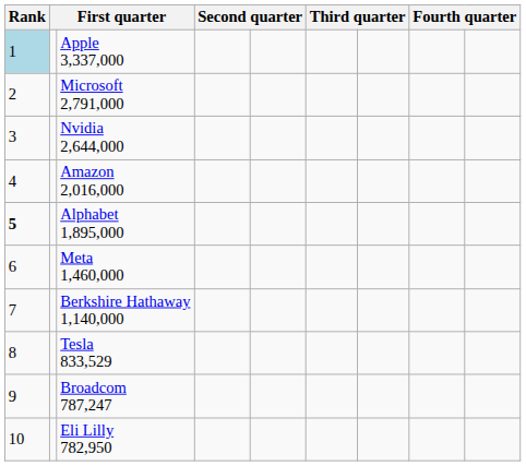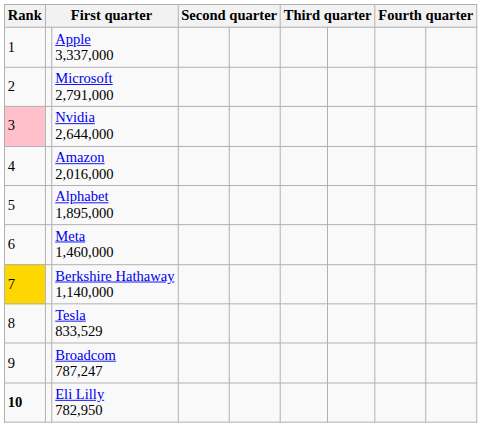 <table class="wikitable">
 <tr>
 <th>Rank</th>
 <th colspan="2">First quarter</th>
 <th colspan="2">Second quarter</th>
 <th colspan="2">Third quarter</th>
 <th colspan="2">Fourth quarter</th>
 </tr>
 <tr>
-<td style="background: lightblue;">1</td>
+<td>1</td>
 <td></td>
 <td><a href='#'>Apple</a><br>3,337,000</td>
 <td></td>
 <td></td>
 <td></td>
 <td></td>
 <td></td>
 <td></td>
 </tr>
 <tr>
 <td>2</td>
 <td></td>
 <td><a href='#'>Microsoft</a><br>2,791,000</td>
 <td></td>
 <td></td>
 <td></td>
 <td></td>
 <td></td>
 <td></td>
 </tr>
 <tr>
-<td>3</td>
+<td style="background: pink;">3</td>
 <td></td>
 <td><a href='#'>Nvidia</a><br>2,644,000</td>
 <td></td>
 <td></td>
 <td></td>
 <td></td>
 <td></td>
 <td></td>
 </tr>
 <tr>
 <td>4</td>
 <td></td>
 <td><a href='#'>Amazon</a><br>2,016,000</td>
 <td></td>
 <td></td>
 <td></td>
 <td></td>
 <td></td>
 <td></td>
 </tr>
 <tr>
-<td><strong>5</strong></td>
+<td>5</td>
 <td></td>
 <td><a href='#'>Alphabet</a><br>1,895,000</td>
 <td></td>
 <td></td>
 <td></td>
 <td></td>
 <td></td>
 <td></td>
 </tr>
 <tr>
 <td>6</td>
 <td></td>
 <td><a href='#'>Meta</a><br>1,460,000</td>
 <td></td>
 <td></td>
 <td></td>
 <td></td>
 <td></td>
 <td></td>
 </tr>
 <tr>
-<td>7</td>
+<td style="background: gold;">7</td>
 <td></td>
 <td><a href='#'>Berkshire Hathaway</a><br>1,140,000</td>
 <td></td>
 <td></td>
 <td></td>
 <td></td>
 <td></td>
 <td></td>
 </tr>
 <tr>
 <td>8</td>
 <td></td>
 <td><a href='#'>Tesla</a><br>833,529</td>
 <td></td>
 <td></td>
 <td></td>
 <td></td>
 <td></td>
 <td></td>
 </tr>
 <tr>
 <td>9</td>
 <td></td>
 <td><a href='#'>Broadcom</a><br> 787,247</td>
 <td></td>
 <td></td>
 <td></td>
 <td></td>
 <td></td>
 <td></td>
 </tr>
 <tr>
-<td>10</td>
+<td><strong>10</strong></td>
 <td></td>
 <td><a href='#'>Eli Lilly</a><br> 782,950</td>
 <td></td>
 <td></td>
 <td></td>
 <td></td>
 <td></td>
 <td></td>
 </tr>
 </table>
